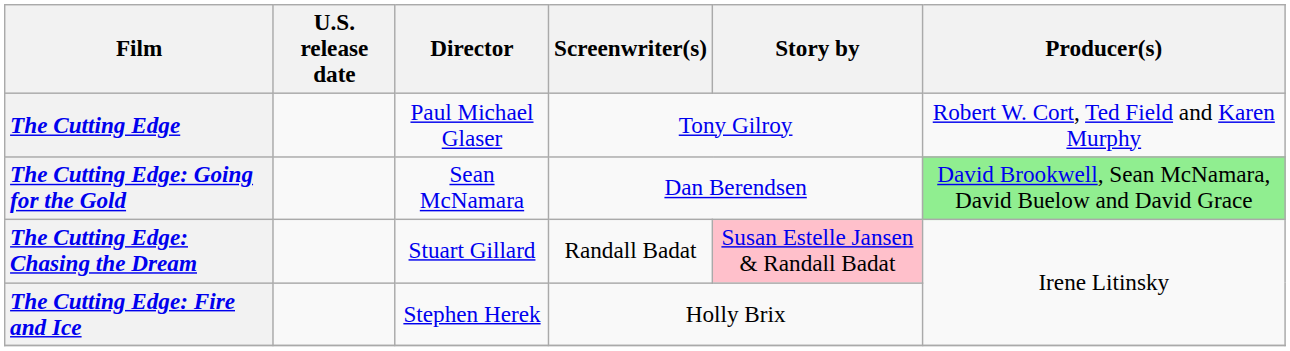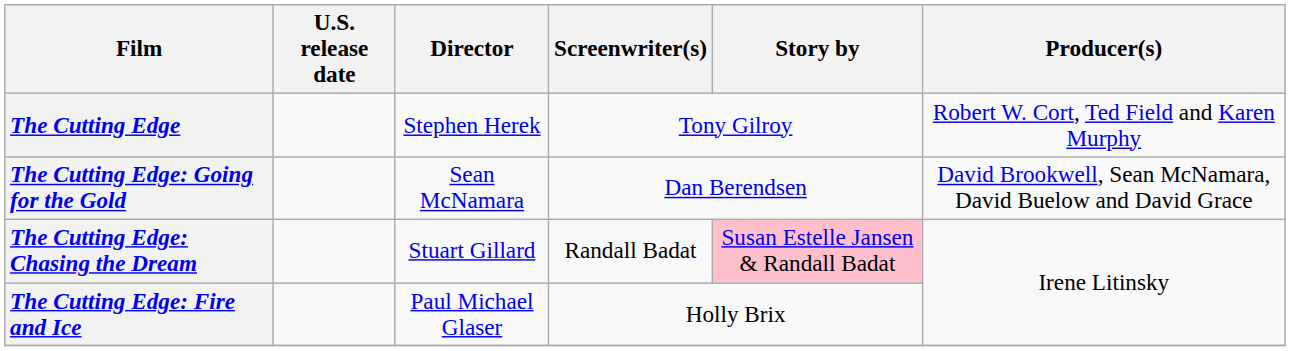 <table class="wikitable plainrowheaders" style="text-align:center" width=100%>
 <tr>
 <th scope="col" style="width:21%;">Film</th>
 <th scope="col">U.S. release date</th>
 <th scope="col">Director</th>
 <th scope="col">Screenwriter(s)</th>
 <th scope="col">Story by</th>
 <th scope="col">Producer(s)</th>
 </tr>
 <tr>
 <th scope="row" style="text-align:left"><em><a href='#'>The Cutting Edge</a></em></th>
 <td style="text-align:center"></td>
-<td><a href='#'>Paul Michael Glaser</a></td>
+<td><a href='#'>Stephen Herek</a></td>
 <td colspan="2"><a href='#'>Tony Gilroy</a></td>
 <td><a href='#'>Robert W. Cort</a>, <a href='#'>Ted Field</a> and <a href='#'>Karen Murphy</a></td>
 </tr>
 <tr>
 <th scope="row" style="text-align:left"><em><a href='#'>The Cutting Edge: Going for the Gold</a></em></th>
 <td style="text-align:center"></td>
 <td><a href='#'>Sean McNamara</a></td>
 <td colspan="2"><a href='#'>Dan Berendsen</a></td>
-<td style="background: lightgreen;"><a href='#'>David Brookwell</a>, Sean McNamara, David Buelow and David Grace</td>
+<td><a href='#'>David Brookwell</a>, Sean McNamara, David Buelow and David Grace</td>
 </tr>
 <tr>
 <th scope="row" style="text-align:left"><em><a href='#'>The Cutting Edge: Chasing the Dream</a></em></th>
 <td style="text-align:center"></td>
 <td><a href='#'>Stuart Gillard</a></td>
 <td>Randall Badat</td>
 <td style="background: pink;"><a href='#'>Susan Estelle Jansen</a> & Randall Badat</td>
 <td rowspan="2">Irene Litinsky</td>
 </tr>
 <tr>
 <th scope="row" style="text-align:left"><em><a href='#'>The Cutting Edge: Fire and Ice</a></em></th>
 <td style="text-align:center"></td>
-<td><a href='#'>Stephen Herek</a></td>
+<td><a href='#'>Paul Michael Glaser</a></td>
 <td colspan="2">Holly Brix</td>
 </tr>
 <tr>
 </tr>
 </table>
